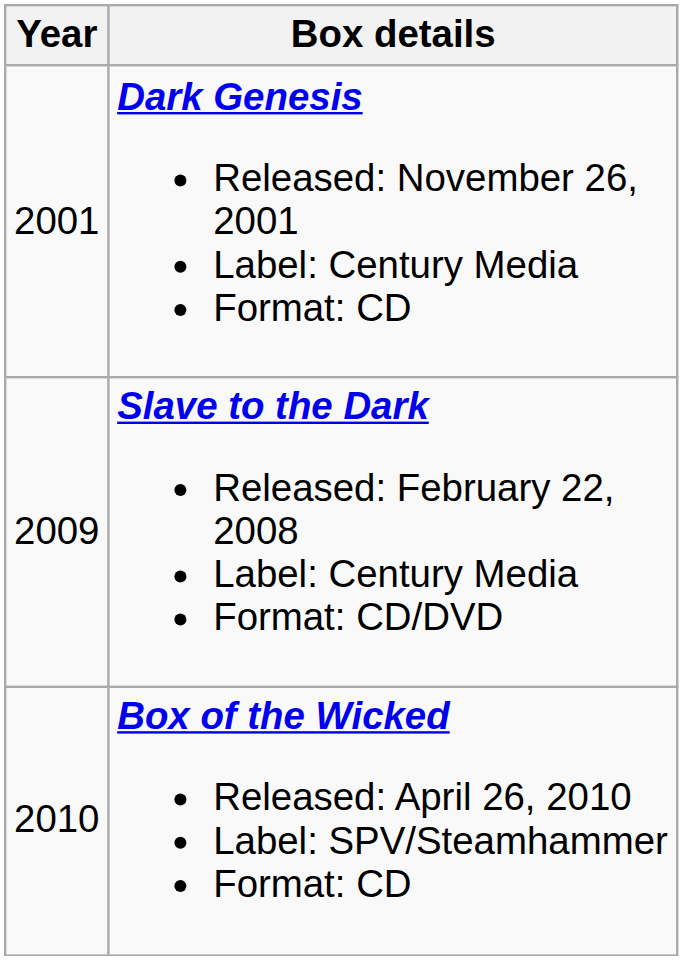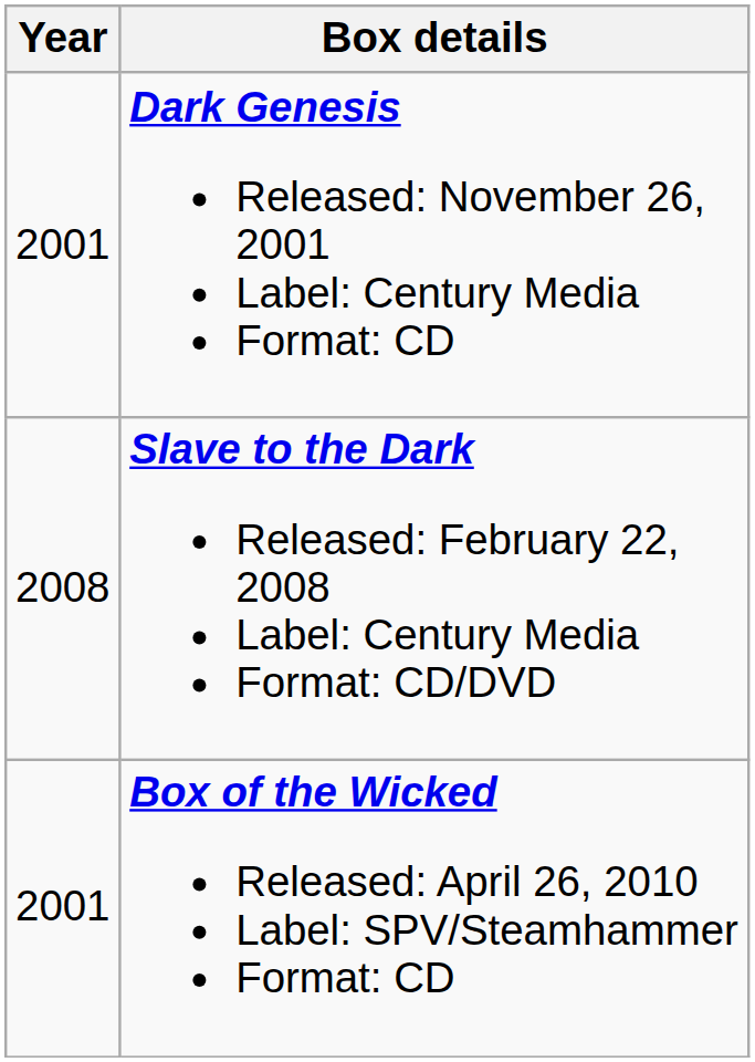 <table class="wikitable" border="1">
 <tr>
 <th>Year</th>
 <th width="230">Box details</th>
 </tr>
 <tr>
 <td>2001</td>
 <td><strong><em><a href='#'>Dark Genesis</a></em></strong><br><ul><li>Released: November 26, 2001</li><li>Label: Century Media</li><li>Format: CD</li></ul></td>
 </tr>
 <tr>
-<td>2009</td>
+<td>2008</td>
 <td><strong><em><a href='#'>Slave to the Dark</a></em></strong><br><ul><li>Released: February 22, 2008</li><li>Label: Century Media</li><li>Format: CD/DVD</li></ul></td>
 </tr>
 <tr>
-<td>2010</td>
+<td>2001</td>
 <td><strong><em><a href='#'>Box of the Wicked</a></em></strong><br><ul><li>Released: April 26, 2010</li><li>Label: SPV/Steamhammer</li><li>Format: CD</li></ul></td>
 </tr>
 </table>
